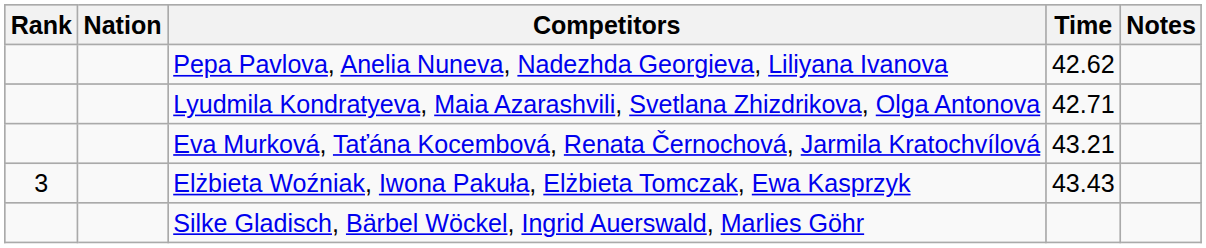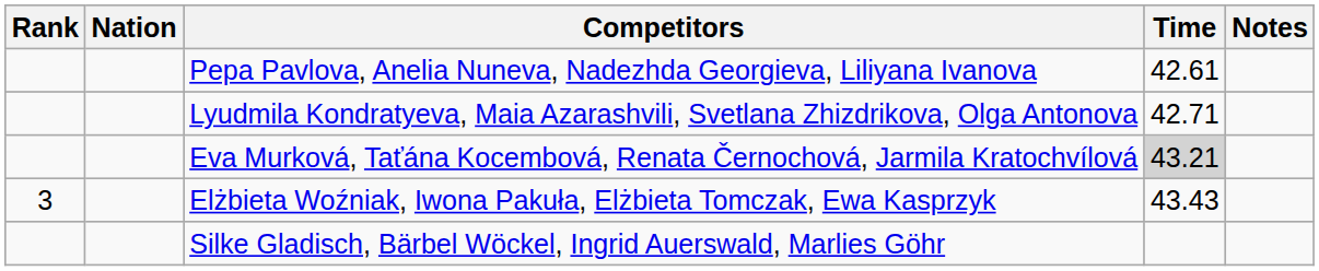 <table class="wikitable sortable" style="text-align:center; font-size:95%">
 <tr>
 <th>Rank</th>
 <th>Nation</th>
 <th>Competitors</th>
 <th>Time</th>
 <th>Notes</th>
 </tr>
 <tr>
 <td></td>
 <td align=left></td>
 <td align=left><a href='#'>Pepa Pavlova</a>, <a href='#'>Anelia Nuneva</a>, <a href='#'>Nadezhda Georgieva</a>, <a href='#'>Liliyana Ivanova</a></td>
-<td>42.62</td>
+<td>42.61</td>
 <td></td>
 </tr>
 <tr>
 <td></td>
 <td align=left></td>
 <td align=left><a href='#'>Lyudmila Kondratyeva</a>, <a href='#'>Maia Azarashvili</a>, <a href='#'>Svetlana Zhizdrikova</a>, <a href='#'>Olga Antonova</a></td>
 <td>42.71</td>
 <td></td>
 </tr>
 <tr>
 <td></td>
 <td align=left></td>
 <td align=left><a href='#'>Eva Murková</a>, <a href='#'>Taťána Kocembová</a>, <a href='#'>Renata Černochová</a>, <a href='#'>Jarmila Kratochvílová</a></td>
-<td>43.21</td>
+<td style="background: lightgrey;">43.21</td>
 <td></td>
 </tr>
 <tr>
 <td>3</td>
 <td align=left></td>
 <td align=left><a href='#'>Elżbieta Woźniak</a>, <a href='#'>Iwona Pakuła</a>, <a href='#'>Elżbieta Tomczak</a>, <a href='#'>Ewa Kasprzyk</a></td>
 <td>43.43</td>
 <td></td>
 </tr>
 <tr>
 <td></td>
 <td align=left></td>
 <td align=left><a href='#'>Silke Gladisch</a>, <a href='#'>Bärbel Wöckel</a>, <a href='#'>Ingrid Auerswald</a>, <a href='#'>Marlies Göhr</a></td>
 <td></td>
 <td></td>
 </tr>
 </table>
